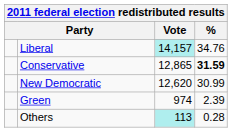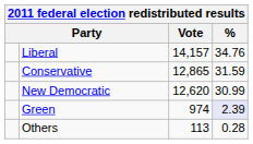 <table class="wikitable">
 <tr>
 <th colspan="4"><a href='#'>2011 federal election</a> redistributed results</th>
 </tr>
 <tr>
 <th bgcolor="#DDDDFF" width="130px" colspan="2">Party</th>
 <th bgcolor="#DDDDFF" width="50px">Vote</th>
 <th bgcolor="#DDDDFF" width="30px">%</th>
 </tr>
 <tr>
 <td> </td>
 <td><a href='#'>Liberal</a></td>
-<td align=right style="background: paleturquoise;">14,157</td>
+<td align=right>14,157</td>
 <td align=right>34.76</td>
 </tr>
 <tr>
 <td> </td>
 <td><a href='#'>Conservative</a></td>
 <td align=right>12,865</td>
-<td align=right><strong>31.59</strong></td>
+<td align=right>31.59</td>
 </tr>
 <tr>
 <td> </td>
 <td><a href='#'>New Democratic</a></td>
 <td align=right>12,620</td>
 <td align=right>30.99</td>
 </tr>
 <tr>
 <td> </td>
 <td><a href='#'>Green</a></td>
 <td align=right>974</td>
-<td align=right>2.39</td>
+<td align=right style="background: lavender;">2.39</td>
 </tr>
 <tr>
 <td> </td>
 <td>Others</td>
-<td align=right style="background: paleturquoise;">113</td>
+<td align=right>113</td>
 <td align=right>0.28</td>
 </tr>
 </table>
